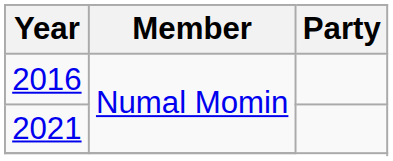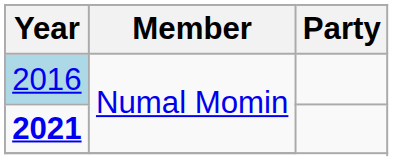 <table class="wikitable sortable">
 <tr>
 <th>Year</th>
 <th>Member</th>
 <th colspan=2>Party</th>
 </tr>
 <tr>
-<td><a href='#'>2016</a></td>
+<td style="background: lightblue;"><a href='#'>2016</a></td>
 <td rowspan=2><a href='#'>Numal Momin</a></td>
 <td></td>
 </tr>
 <tr>
-<td><a href='#'>2021</a></td>
+<td><strong><a href='#'>2021</a></strong></td>
 </tr>
 <tr>
 </tr>
 </table>
